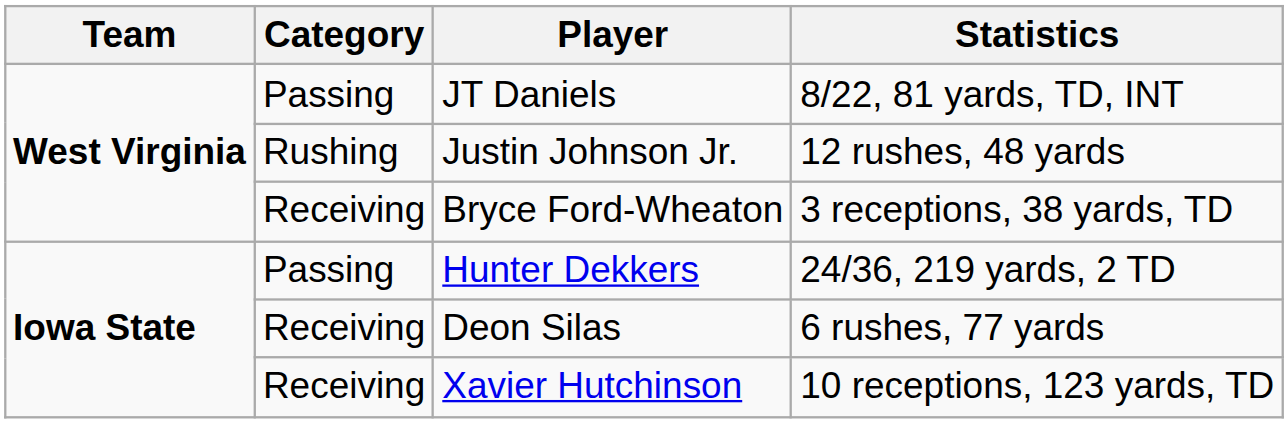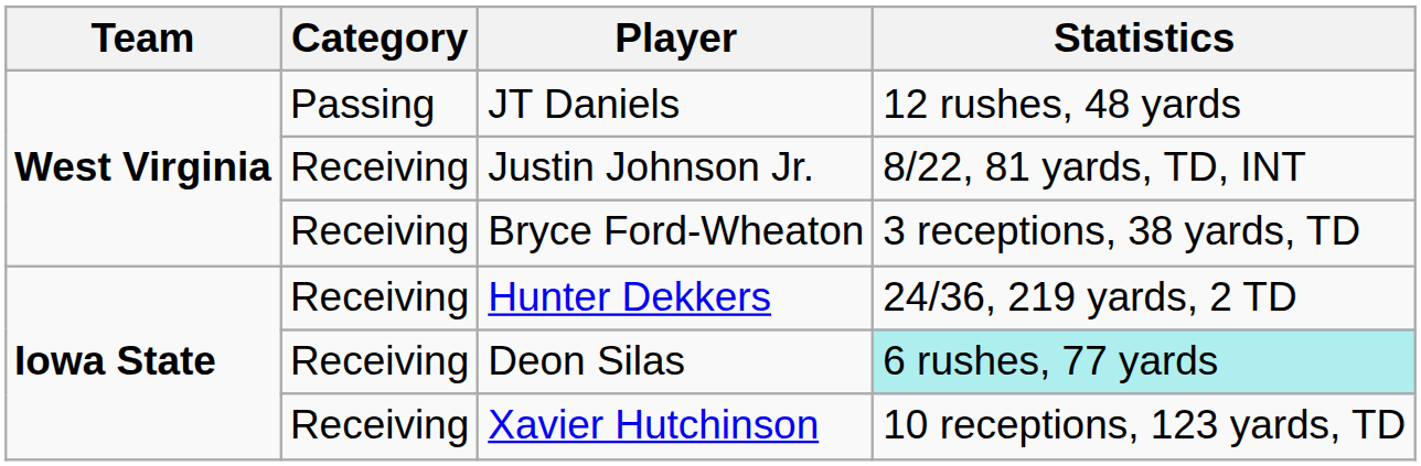 <table class="wikitable" style="float: right;">
 <tr>
 <th>Team</th>
 <th>Category</th>
 <th>Player</th>
 <th>Statistics</th>
 </tr>
 <tr>
 <td rowspan=3><strong>West Virginia</strong></td>
 <td>Passing</td>
 <td>JT Daniels</td>
-<td>8/22, 81 yards, TD, INT</td>
+<td>12 rushes, 48 yards</td>
 </tr>
 <tr>
-<td>Rushing</td>
+<td>Receiving</td>
 <td>Justin Johnson Jr.</td>
-<td>12 rushes, 48 yards</td>
+<td>8/22, 81 yards, TD, INT</td>
 </tr>
 <tr>
 <td>Receiving</td>
 <td>Bryce Ford-Wheaton</td>
 <td>3 receptions, 38 yards, TD</td>
 </tr>
 <tr>
 <td rowspan=3><strong>Iowa State</strong></td>
-<td>Passing</td>
+<td>Receiving</td>
 <td><a href='#'>Hunter Dekkers</a></td>
 <td>24/36, 219 yards, 2 TD</td>
 </tr>
 <tr>
 <td>Receiving</td>
 <td>Deon Silas</td>
-<td>6 rushes, 77 yards</td>
+<td style="background: paleturquoise;">6 rushes, 77 yards</td>
 </tr>
 <tr>
 <td>Receiving</td>
 <td><a href='#'>Xavier Hutchinson</a></td>
 <td>10 receptions, 123 yards, TD</td>
 </tr>
 </table>
